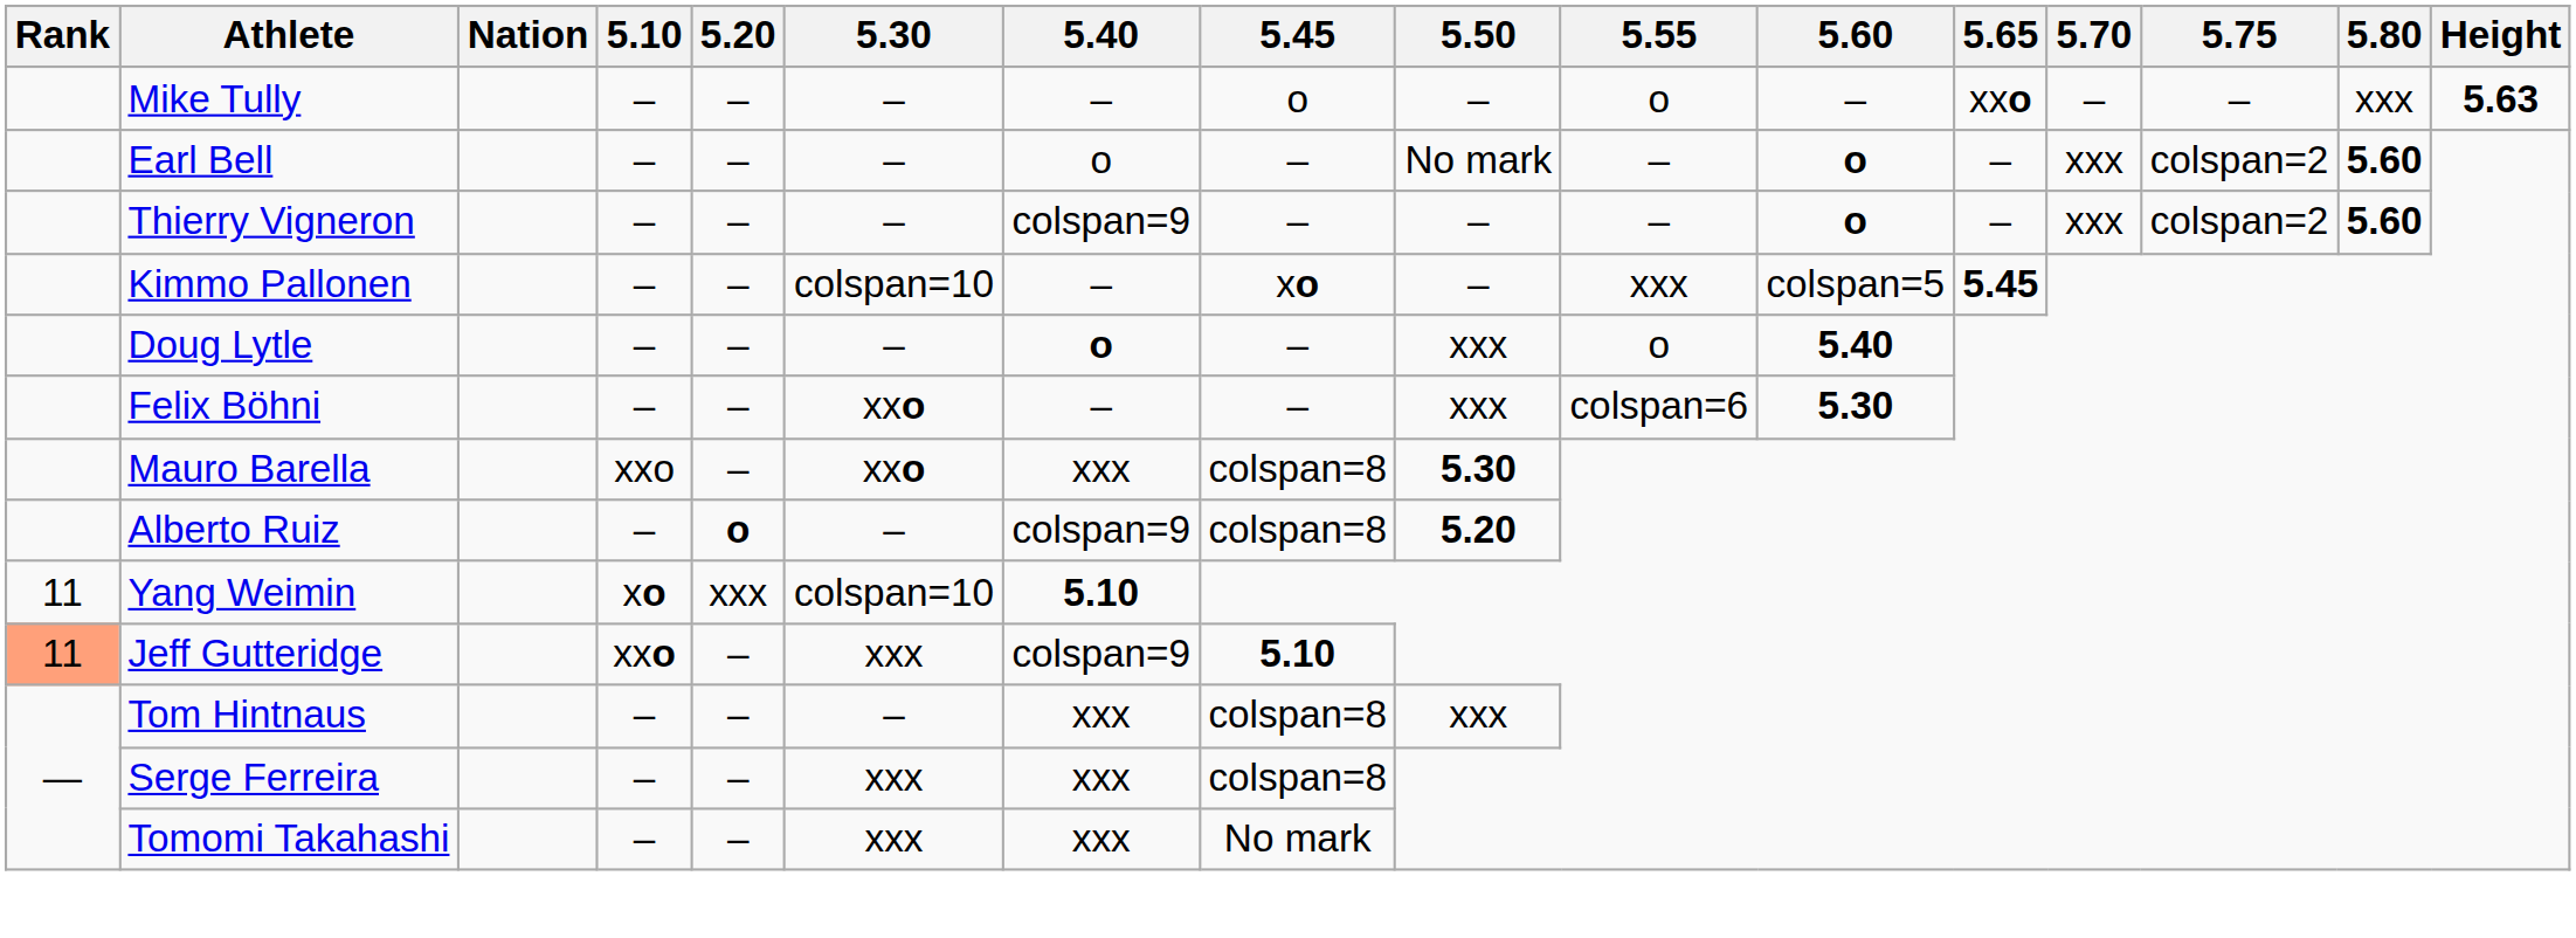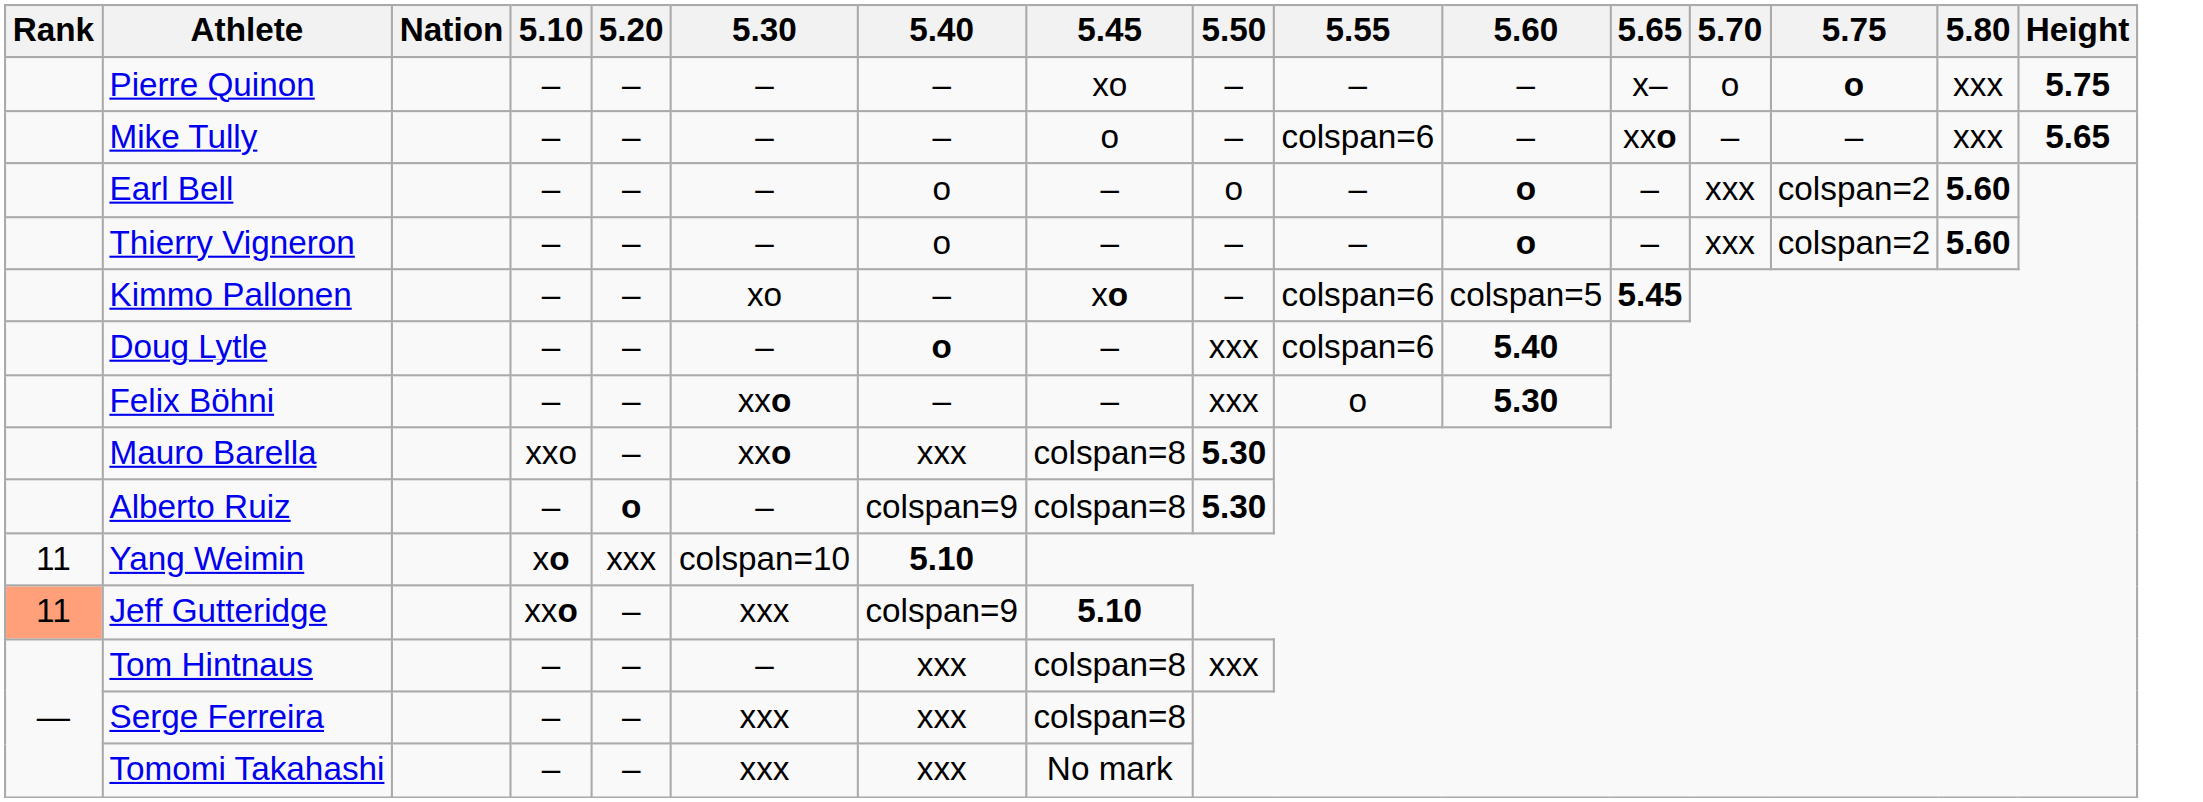 <table class="wikitable sortable" style="text-align:center">
 <tr>
 <th>Rank</th>
 <th>Athlete</th>
 <th>Nation</th>
 <th>5.10</th>
 <th>5.20</th>
 <th>5.30</th>
 <th>5.40</th>
 <th>5.45</th>
 <th>5.50</th>
 <th>5.55</th>
 <th>5.60</th>
 <th>5.65</th>
 <th>5.70</th>
 <th>5.75</th>
 <th>5.80</th>
 <th>Height</th>
 </tr>
 <tr>
 <td></td>
+<td align="left"><a href='#'>Pierre Quinon</a></td>
+<td align=left></td>
+<td>–</td>
+<td>–</td>
+<td>–</td>
+<td>–</td>
+<td>xo</td>
+<td>–</td>
+<td>–</td>
+<td>–</td>
+<td>x–</td>
+<td>o</td>
+<td><strong>o</strong></td>
+<td>xxx</td>
+<td><strong>5.75</strong></td>
+</tr>
+<tr>
+<td></td>
 <td align="left"><a href='#'>Mike Tully</a></td>
 <td align=left></td>
 <td>–</td>
 <td>–</td>
 <td>–</td>
 <td>–</td>
 <td>o</td>
 <td>–</td>
-<td>o</td>
+<td>colspan=6 </td>
 <td>–</td>
 <td>xx<strong>o</strong></td>
 <td>–</td>
 <td>–</td>
 <td>xxx</td>
-<td><strong>5.63</strong></td>
+<td><strong>5.65</strong></td>
 </tr>
 <tr>
 <td></td>
 <td align="left"><a href='#'>Earl Bell</a></td>
 <td align=left></td>
 <td>–</td>
 <td>–</td>
 <td>–</td>
 <td>o</td>
 <td>–</td>
-<td data-sort-value=1.00>No mark</td>
+<td>o</td>
 <td>–</td>
 <td><strong>o</strong></td>
 <td>–</td>
 <td>xxx</td>
 <td>colspan=2 </td>
 <td><strong>5.60</strong></td>
 </tr>
 <tr>
 <td></td>
 <td align="left"><a href='#'>Thierry Vigneron</a></td>
 <td align=left></td>
 <td>–</td>
 <td>–</td>
 <td>–</td>
-<td>colspan=9 </td>
+<td>o</td>
 <td>–</td>
 <td>–</td>
 <td>–</td>
 <td><strong>o</strong></td>
 <td>–</td>
 <td>xxx</td>
 <td>colspan=2 </td>
 <td><strong>5.60</strong></td>
 </tr>
 <tr>
 <td></td>
 <td align="left"><a href='#'>Kimmo Pallonen</a></td>
 <td align=left></td>
 <td>–</td>
 <td>–</td>
-<td>colspan=10 </td>
+<td>xo</td>
 <td>–</td>
 <td>x<strong>o</strong></td>
 <td>–</td>
-<td>xxx</td>
+<td>colspan=6 </td>
 <td>colspan=5 </td>
 <td><strong>5.45</strong></td>
 </tr>
 <tr>
 <td></td>
 <td align="left"><a href='#'>Doug Lytle</a></td>
 <td align=left></td>
 <td>–</td>
 <td>–</td>
 <td>–</td>
 <td><strong>o</strong></td>
 <td>–</td>
 <td>xxx</td>
-<td>o</td>
+<td>colspan=6 </td>
 <td><strong>5.40</strong></td>
 </tr>
 <tr>
 <td></td>
 <td align="left"><a href='#'>Felix Böhni</a></td>
 <td align=left></td>
 <td>–</td>
 <td>–</td>
 <td>xx<strong>o</strong></td>
 <td>–</td>
 <td>–</td>
 <td>xxx</td>
-<td>colspan=6 </td>
+<td>o</td>
 <td><strong>5.30</strong></td>
 </tr>
 <tr>
 <td></td>
 <td align="left"><a href='#'>Mauro Barella</a></td>
 <td align=left></td>
 <td>xxo</td>
 <td>–</td>
 <td>xx<strong>o</strong></td>
 <td>xxx</td>
 <td>colspan=8 </td>
 <td><strong>5.30</strong></td>
 </tr>
 <tr>
 <td></td>
 <td align="left"><a href='#'>Alberto Ruiz</a></td>
 <td align=left></td>
 <td>–</td>
 <td><strong>o</strong></td>
 <td>–</td>
 <td>colspan=9 </td>
 <td>colspan=8 </td>
-<td><strong>5.20</strong></td>
+<td><strong>5.30</strong></td>
 </tr>
 <tr>
 <td>11</td>
 <td align="left"><a href='#'>Yang Weimin</a></td>
 <td align=left></td>
 <td>x<strong>o</strong></td>
 <td>xxx</td>
 <td>colspan=10 </td>
 <td><strong>5.10</strong></td>
 </tr>
 <tr>
 <td style="background: lightsalmon;">11</td>
 <td align="left"><a href='#'>Jeff Gutteridge</a></td>
 <td align=left></td>
 <td>xx<strong>o</strong></td>
 <td>–</td>
 <td>xxx</td>
 <td>colspan=9 </td>
 <td><strong>5.10</strong></td>
 </tr>
 <tr>
 <td rowspan=3 data-sort-value=12>—</td>
 <td align="left"><a href='#'>Tom Hintnaus</a></td>
 <td align=left></td>
 <td>–</td>
 <td>–</td>
 <td>–</td>
 <td>xxx</td>
 <td>colspan=8 </td>
 <td>xxx</td>
 </tr>
 <tr>
 <td align="left"><a href='#'>Serge Ferreira</a></td>
 <td align=left></td>
 <td>–</td>
 <td>–</td>
 <td>xxx</td>
 <td>xxx</td>
 <td>colspan=8 </td>
 </tr>
 <tr>
 <td align="left"><a href='#'>Tomomi Takahashi</a></td>
 <td align=left></td>
 <td>–</td>
 <td>–</td>
 <td>xxx</td>
 <td>xxx</td>
 <td data-sort-value=1.00>No mark</td>
 </tr>
 </table>
